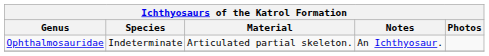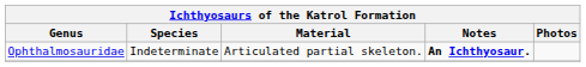 <table class="wikitable" align="center">
 <tr>
 <th colspan="5" align="center"><a href='#'>Ichthyosaurs</a> of the Katrol Formation</th>
 </tr>
 <tr>
 <th>Genus</th>
 <th>Species</th>
 <th>Material</th>
 <th>Notes</th>
 <th>Photos</th>
 </tr>
 <tr>
 <td><a href='#'>Ophthalmosauridae</a></td>
 <td>Indeterminate</td>
 <td>Articulated partial skeleton.</td>
-<td>An <a href='#'>Ichthyosaur</a>.</td>
+<td><strong>An <a href='#'>Ichthyosaur</a>.</strong></td>
 <td></td>
 </tr>
 <tr>
 </tr>
 </table>
